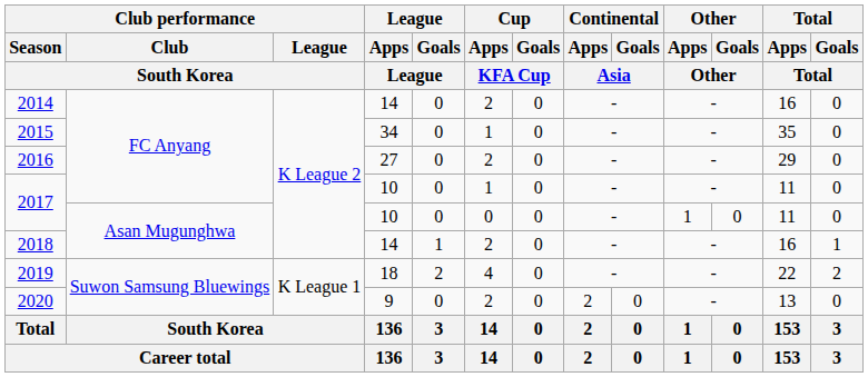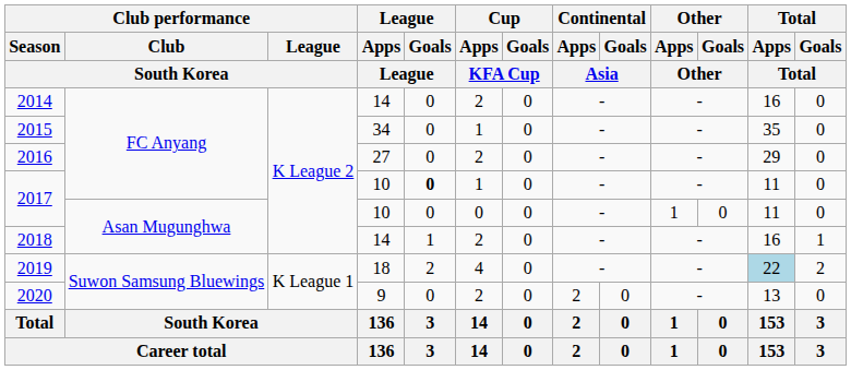 <table class="wikitable" style="text-align:center">
 <tr>
 <th colspan=3>Club performance</th>
 <th colspan=2>League</th>
 <th colspan=2>Cup</th>
 <th colspan=2>Continental</th>
 <th colspan=2>Other</th>
 <th colspan=2>Total</th>
 </tr>
 <tr>
 <th>Season</th>
 <th>Club</th>
 <th>League</th>
 <th>Apps</th>
 <th>Goals</th>
 <th>Apps</th>
 <th>Goals</th>
 <th>Apps</th>
 <th>Goals</th>
 <th>Apps</th>
 <th>Goals</th>
 <th>Apps</th>
 <th>Goals</th>
 </tr>
 <tr>
 <th colspan=3>South Korea</th>
 <th colspan=2>League</th>
 <th colspan=2><a href='#'>KFA Cup</a></th>
 <th colspan=2><a href='#'>Asia</a></th>
 <th colspan=2>Other</th>
 <th colspan=2>Total</th>
 </tr>
 <tr>
 <td><a href='#'>2014</a></td>
 <td rowspan=4><a href='#'>FC Anyang</a></td>
 <td rowspan=6><a href='#'>K League 2</a></td>
 <td>14</td>
 <td>0</td>
 <td>2</td>
 <td>0</td>
 <td colspan=2>-</td>
 <td colspan=2>-</td>
 <td>16</td>
 <td>0</td>
 </tr>
 <tr>
 <td><a href='#'>2015</a></td>
 <td>34</td>
 <td>0</td>
 <td>1</td>
 <td>0</td>
 <td colspan=2>-</td>
 <td colspan=2>-</td>
 <td>35</td>
 <td>0</td>
 </tr>
 <tr>
 <td><a href='#'>2016</a></td>
 <td>27</td>
 <td>0</td>
 <td>2</td>
 <td>0</td>
 <td colspan=2>-</td>
 <td colspan=2>-</td>
 <td>29</td>
 <td>0</td>
 </tr>
 <tr>
 <td rowspan=2><a href='#'>2017</a></td>
 <td>10</td>
-<td>0</td>
+<td><strong>0</strong></td>
 <td>1</td>
 <td>0</td>
 <td colspan=2>-</td>
 <td colspan=2>-</td>
 <td>11</td>
 <td>0</td>
 </tr>
 <tr>
 <td rowspan=2><a href='#'>Asan Mugunghwa</a></td>
 <td>10</td>
 <td>0</td>
 <td>0</td>
 <td>0</td>
 <td colspan=2>-</td>
 <td>1</td>
 <td>0</td>
 <td>11</td>
 <td>0</td>
 </tr>
 <tr>
 <td><a href='#'>2018</a></td>
 <td>14</td>
 <td>1</td>
 <td>2</td>
 <td>0</td>
 <td colspan=2>-</td>
 <td colspan=2>-</td>
 <td>16</td>
 <td>1</td>
 </tr>
 <tr>
 <td><a href='#'>2019</a></td>
 <td rowspan=2><a href='#'>Suwon Samsung Bluewings</a></td>
 <td rowspan=2>K League 1</td>
 <td>18</td>
 <td>2</td>
 <td>4</td>
 <td>0</td>
 <td colspan=2>-</td>
 <td colspan=2>-</td>
-<td>22</td>
+<td style="background: lightblue;">22</td>
 <td>2</td>
 </tr>
 <tr>
 <td><a href='#'>2020</a></td>
 <td>9</td>
 <td>0</td>
 <td>2</td>
 <td>0</td>
 <td>2</td>
 <td>0</td>
 <td colspan=2>-</td>
 <td>13</td>
 <td>0</td>
 </tr>
 <tr>
 <th>Total</th>
 <th colspan=2>South Korea</th>
 <th>136</th>
 <th>3</th>
 <th>14</th>
 <th>0</th>
 <th>2</th>
 <th>0</th>
 <th>1</th>
 <th>0</th>
 <th>153</th>
 <th>3</th>
 </tr>
 <tr>
 <th colspan=3>Career total</th>
 <th>136</th>
 <th>3</th>
 <th>14</th>
 <th>0</th>
 <th>2</th>
 <th>0</th>
 <th>1</th>
 <th>0</th>
 <th>153</th>
 <th>3</th>
 </tr>
 </table>
